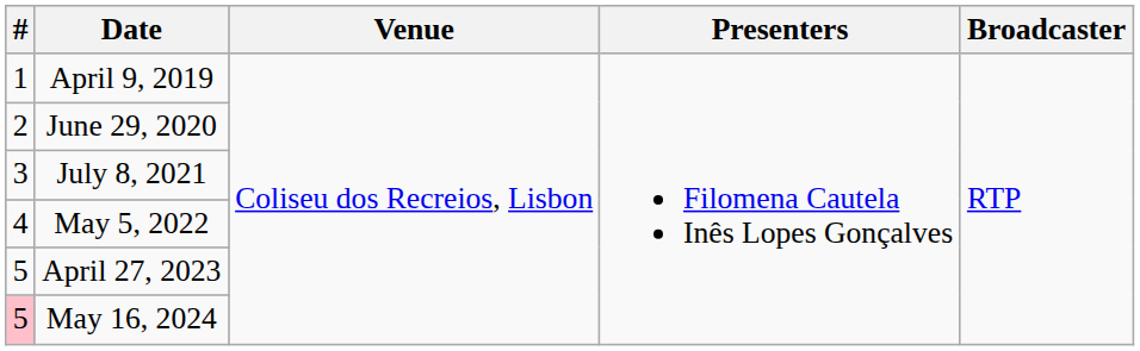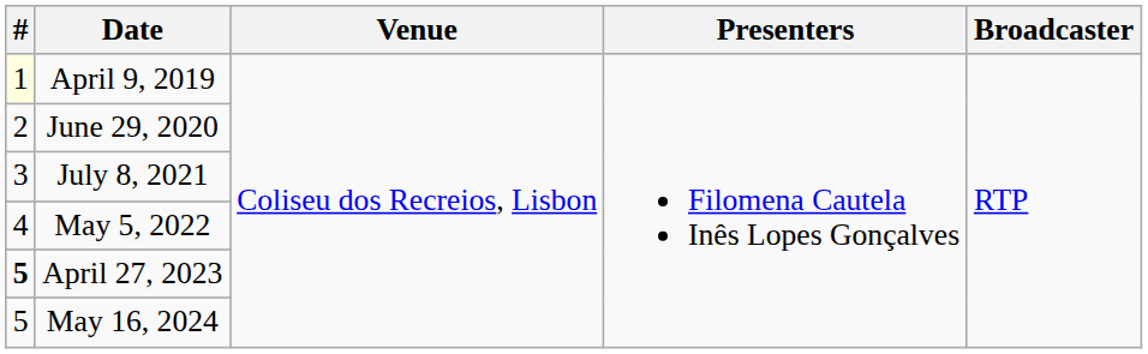 <table class="wikitable sortable">
 <tr>
 <th>#</th>
 <th>Date</th>
 <th>Venue</th>
 <th>Presenters</th>
 <th>Broadcaster</th>
 </tr>
 <tr>
-<td align="center">1</td>
+<td align="center" style="background: lightyellow;">1</td>
 <td align="center">April 9, 2019</td>
 <td rowspan="6"><a href='#'>Coliseu dos Recreios</a>, <a href='#'>Lisbon</a></td>
 <td rowspan="6"><br><ul><li><a href='#'>Filomena Cautela</a></li><li>Inês Lopes Gonçalves</li></ul></td>
 <td rowspan="6"><a href='#'>RTP</a></td>
 </tr>
 <tr>
 <td align="center">2</td>
 <td align="center">June 29, 2020</td>
 </tr>
 <tr>
 <td align="center">3</td>
 <td align="center">July 8, 2021</td>
 </tr>
 <tr>
 <td align="center">4</td>
 <td align="center">May 5, 2022</td>
 </tr>
 <tr>
-<td align="center">5</td>
+<td align="center"><strong>5</strong></td>
 <td align="center">April 27, 2023</td>
 </tr>
 <tr>
-<td align="center" style="background: pink;">5</td>
+<td align="center">5</td>
 <td align="center">May 16, 2024</td>
 </tr>
 </table>
